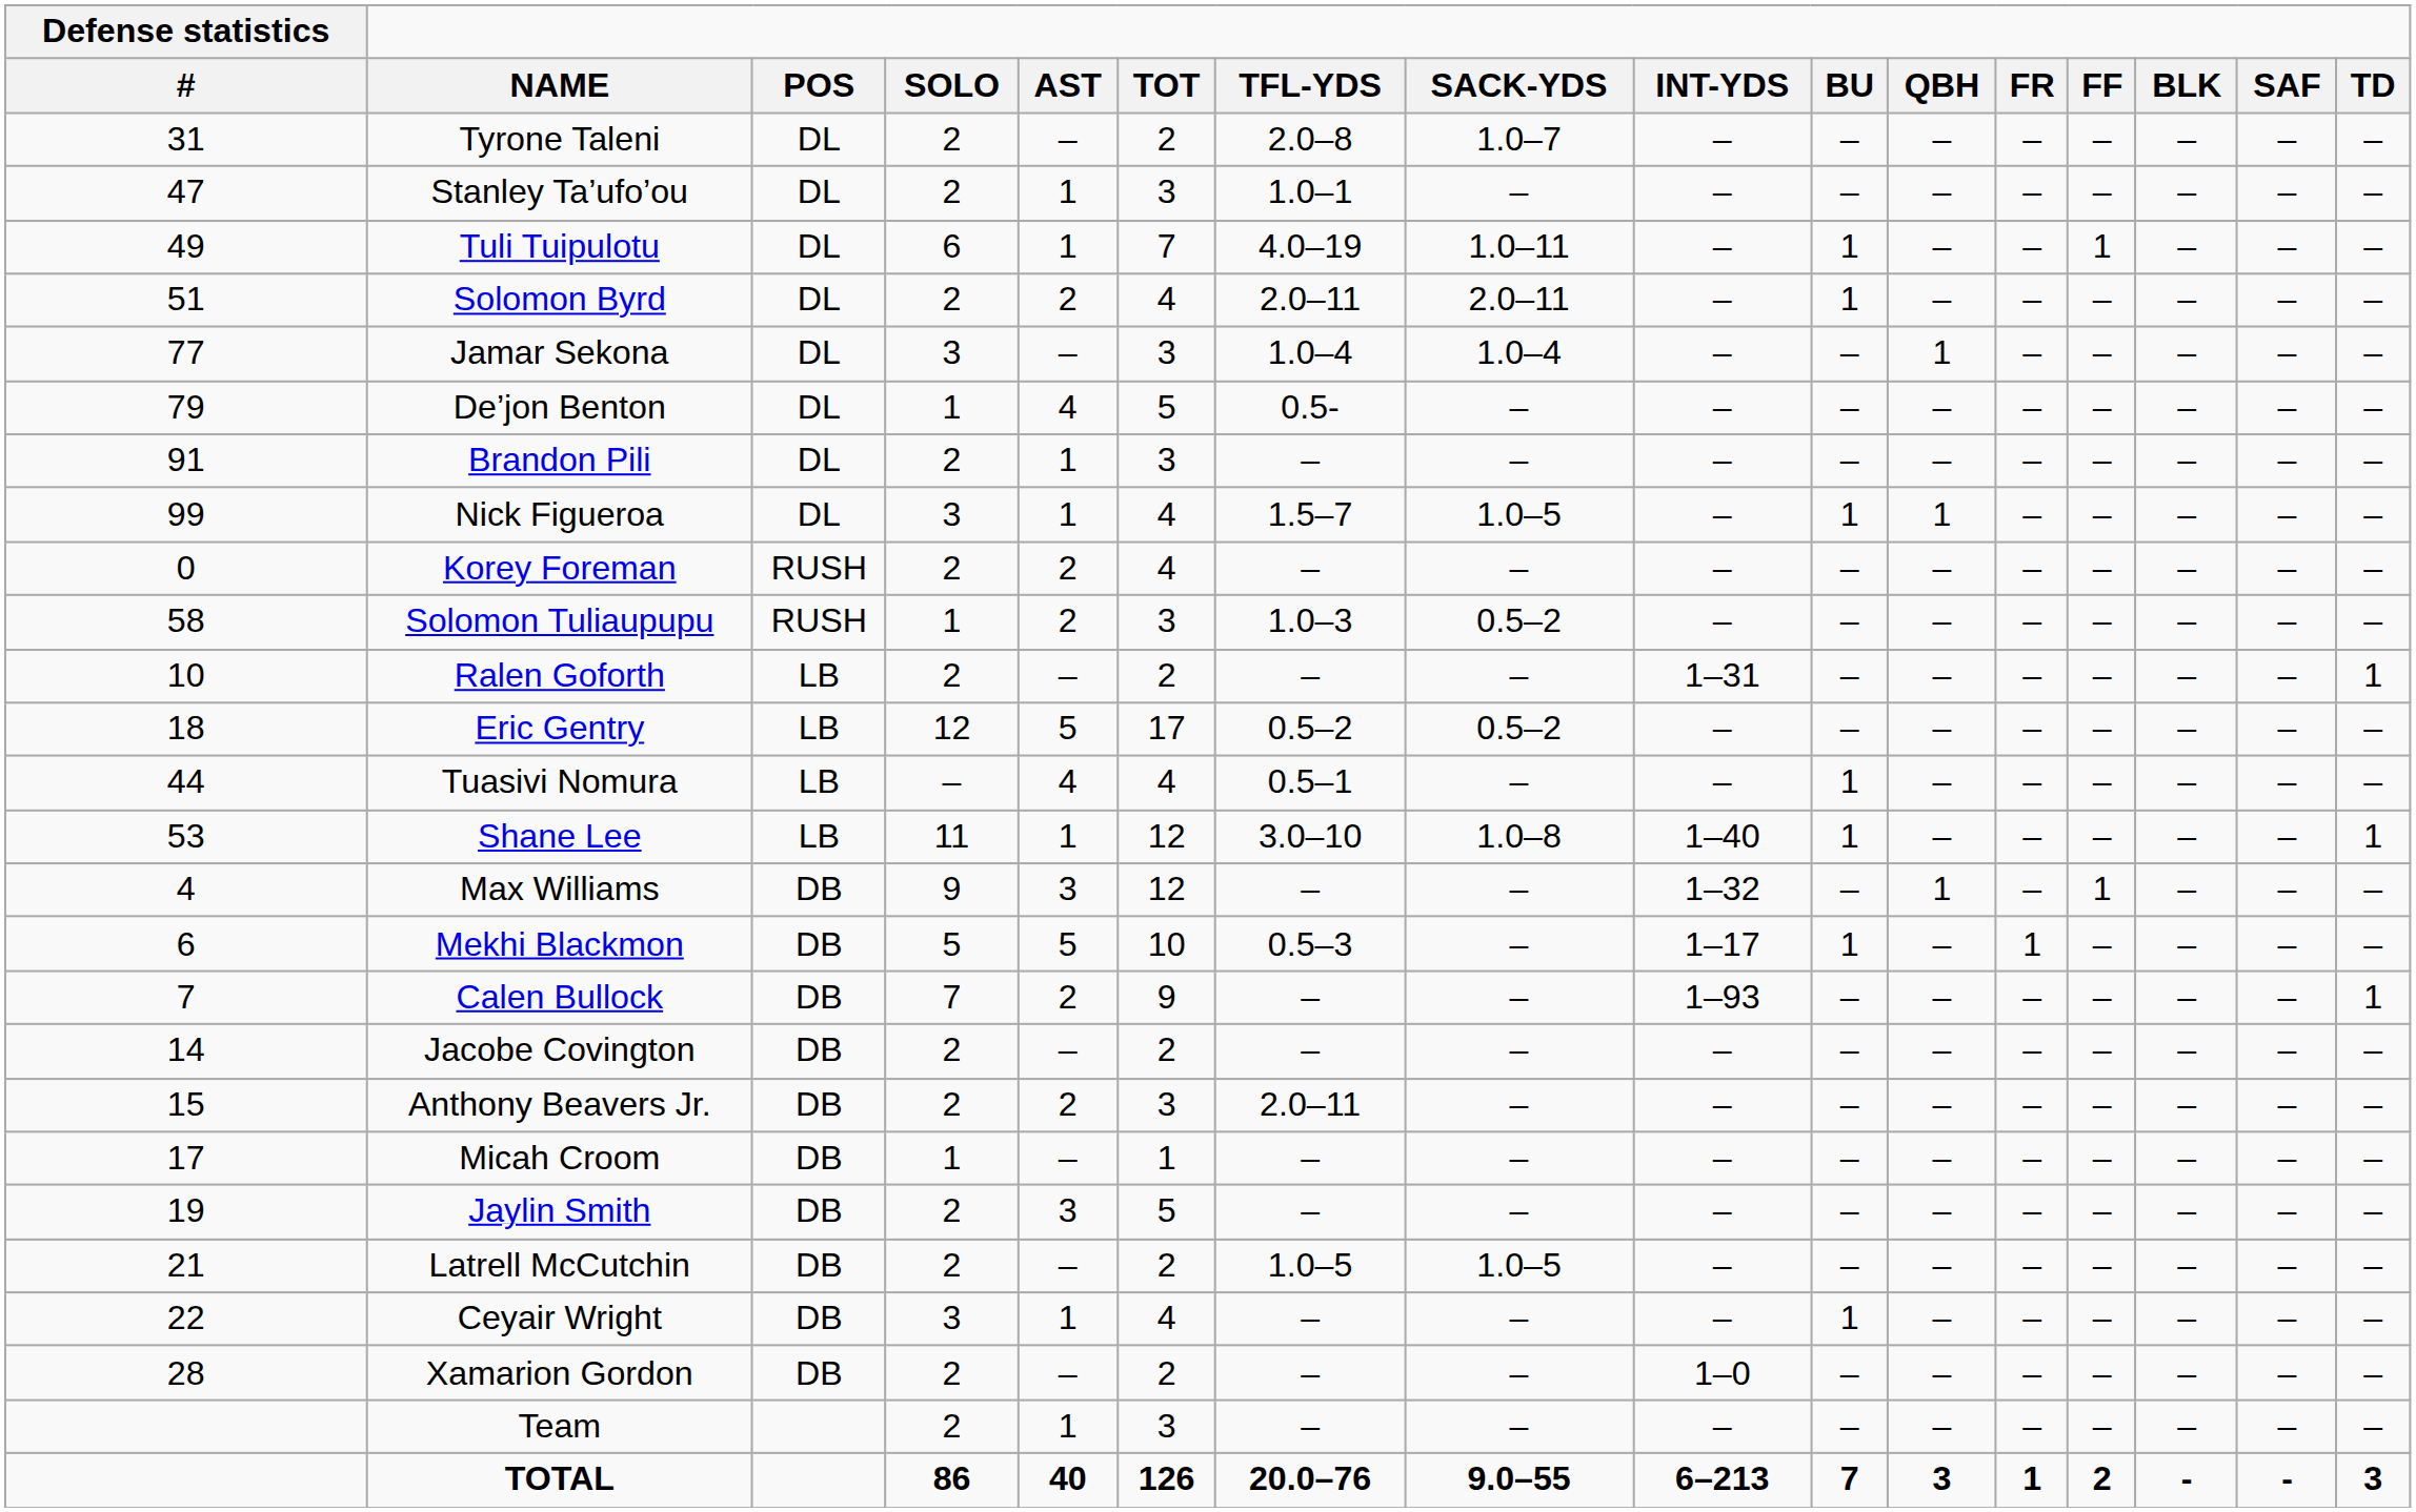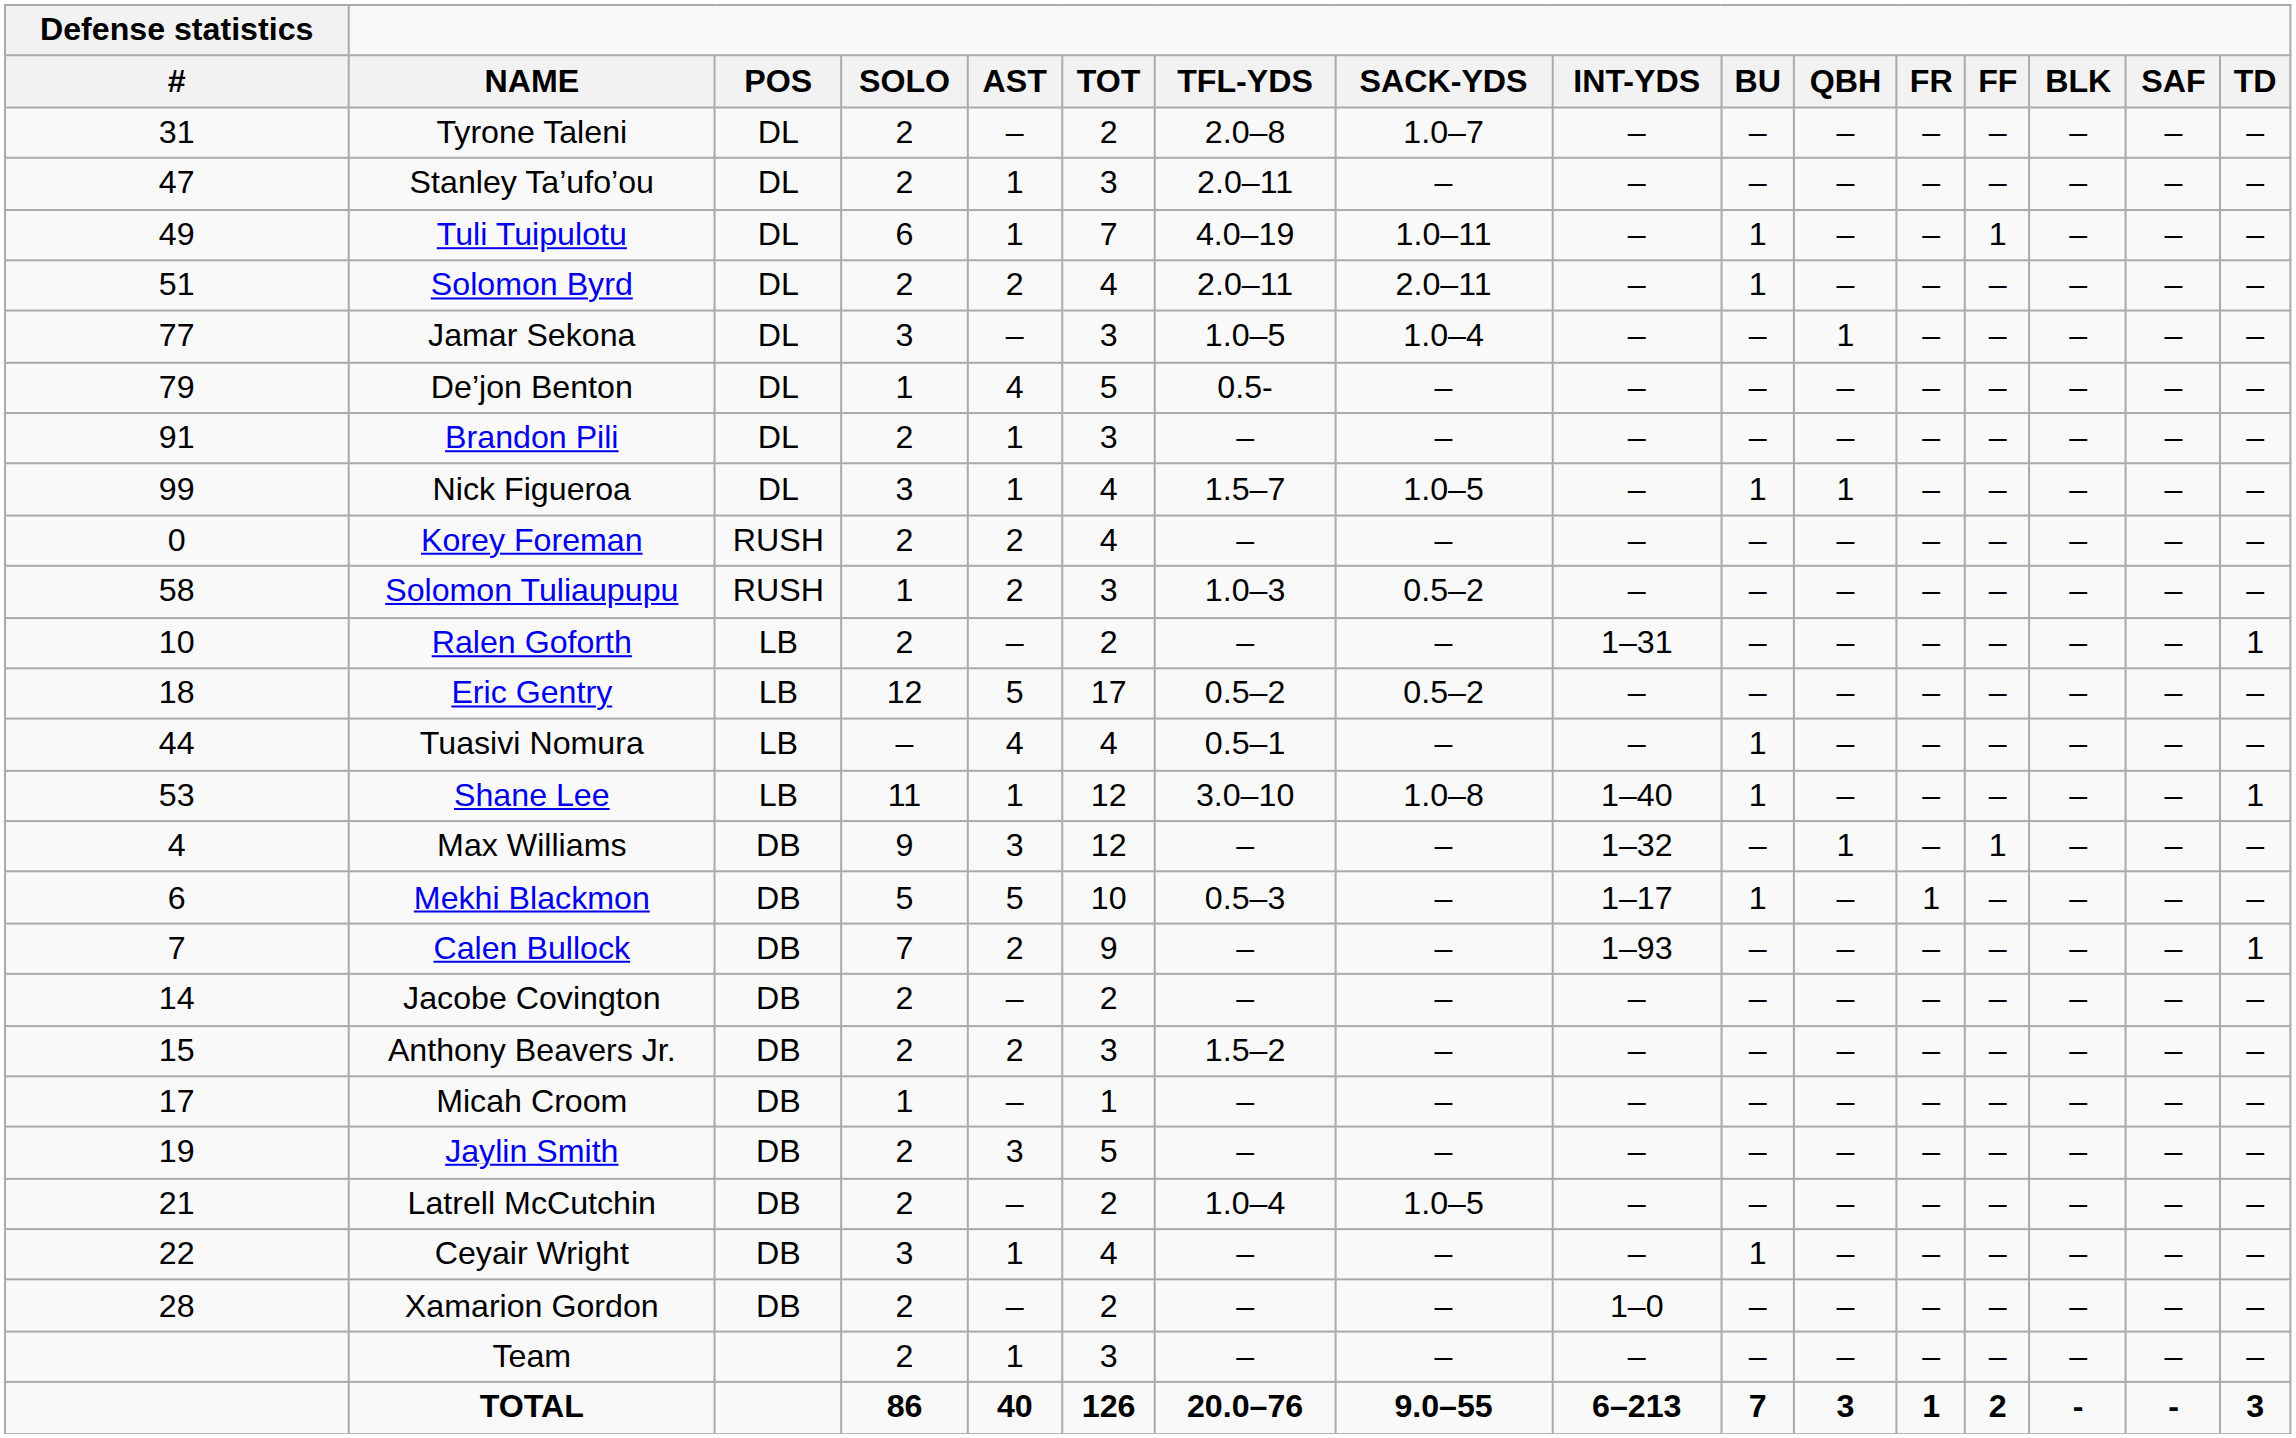 <table style="width:90%; text-align:center;" class="wikitable collapsible collapsed">
 <tr>
 <th style="text-align:center; ">Defense statistics</th>
 </tr>
 <tr>
 <th>#</th>
 <th>NAME</th>
 <th>POS</th>
 <th>SOLO</th>
 <th>AST</th>
 <th>TOT</th>
 <th>TFL-YDS</th>
 <th>SACK-YDS</th>
 <th>INT-YDS</th>
 <th>BU</th>
 <th>QBH</th>
 <th>FR</th>
 <th>FF</th>
 <th>BLK</th>
 <th>SAF</th>
 <th>TD</th>
 </tr>
 <tr>
 <td>31</td>
 <td>Tyrone Taleni</td>
 <td>DL</td>
 <td>2</td>
 <td>–</td>
 <td>2</td>
 <td>2.0–8</td>
 <td>1.0–7</td>
 <td>–</td>
 <td>–</td>
 <td>–</td>
 <td>–</td>
 <td>–</td>
 <td>–</td>
 <td>–</td>
 <td>–</td>
 </tr>
 <tr>
 <td>47</td>
 <td>Stanley Ta’ufo’ou</td>
 <td>DL</td>
 <td>2</td>
 <td>1</td>
 <td>3</td>
-<td>1.0–1</td>
+<td>2.0–11</td>
 <td>–</td>
 <td>–</td>
 <td>–</td>
 <td>–</td>
 <td>–</td>
 <td>–</td>
 <td>–</td>
 <td>–</td>
 <td>–</td>
 </tr>
 <tr>
 <td>49</td>
 <td><a href='#'>Tuli Tuipulotu</a></td>
 <td>DL</td>
 <td>6</td>
 <td>1</td>
 <td>7</td>
 <td>4.0–19</td>
 <td>1.0–11</td>
 <td>–</td>
 <td>1</td>
 <td>–</td>
 <td>–</td>
 <td>1</td>
 <td>–</td>
 <td>–</td>
 <td>–</td>
 </tr>
 <tr>
 <td>51</td>
 <td><a href='#'>Solomon Byrd</a></td>
 <td>DL</td>
 <td>2</td>
 <td>2</td>
 <td>4</td>
 <td>2.0–11</td>
 <td>2.0–11</td>
 <td>–</td>
 <td>1</td>
 <td>–</td>
 <td>–</td>
 <td>–</td>
 <td>–</td>
 <td>–</td>
 <td>–</td>
 </tr>
 <tr>
 <td>77</td>
 <td>Jamar Sekona</td>
 <td>DL</td>
 <td>3</td>
 <td>–</td>
 <td>3</td>
-<td>1.0–4</td>
+<td>1.0–5</td>
 <td>1.0–4</td>
 <td>–</td>
 <td>–</td>
 <td>1</td>
 <td>–</td>
 <td>–</td>
 <td>–</td>
 <td>–</td>
 <td>–</td>
 </tr>
 <tr>
 <td>79</td>
 <td>De’jon Benton</td>
 <td>DL</td>
 <td>1</td>
 <td>4</td>
 <td>5</td>
 <td>0.5-</td>
 <td>–</td>
 <td>–</td>
 <td>–</td>
 <td>–</td>
 <td>–</td>
 <td>–</td>
 <td>–</td>
 <td>–</td>
 <td>–</td>
 </tr>
 <tr>
 <td>91</td>
 <td><a href='#'>Brandon Pili</a></td>
 <td>DL</td>
 <td>2</td>
 <td>1</td>
 <td>3</td>
 <td>–</td>
 <td>–</td>
 <td>–</td>
 <td>–</td>
 <td>–</td>
 <td>–</td>
 <td>–</td>
 <td>–</td>
 <td>–</td>
 <td>–</td>
 </tr>
 <tr>
 <td>99</td>
 <td>Nick Figueroa</td>
 <td>DL</td>
 <td>3</td>
 <td>1</td>
 <td>4</td>
 <td>1.5–7</td>
 <td>1.0–5</td>
 <td>–</td>
 <td>1</td>
 <td>1</td>
 <td>–</td>
 <td>–</td>
 <td>–</td>
 <td>–</td>
 <td>–</td>
 </tr>
 <tr>
 <td>0</td>
 <td><a href='#'>Korey Foreman</a></td>
 <td>RUSH</td>
 <td>2</td>
 <td>2</td>
 <td>4</td>
 <td>–</td>
 <td>–</td>
 <td>–</td>
 <td>–</td>
 <td>–</td>
 <td>–</td>
 <td>–</td>
 <td>–</td>
 <td>–</td>
 <td>–</td>
 </tr>
 <tr>
 <td>58</td>
 <td><a href='#'>Solomon Tuliaupupu</a></td>
 <td>RUSH</td>
 <td>1</td>
 <td>2</td>
 <td>3</td>
 <td>1.0–3</td>
 <td>0.5–2</td>
 <td>–</td>
 <td>–</td>
 <td>–</td>
 <td>–</td>
 <td>–</td>
 <td>–</td>
 <td>–</td>
 <td>–</td>
 </tr>
 <tr>
 <td>10</td>
 <td><a href='#'>Ralen Goforth</a></td>
 <td>LB</td>
 <td>2</td>
 <td>–</td>
 <td>2</td>
 <td>–</td>
 <td>–</td>
 <td>1–31</td>
 <td>–</td>
 <td>–</td>
 <td>–</td>
 <td>–</td>
 <td>–</td>
 <td>–</td>
 <td>1</td>
 </tr>
 <tr>
 <td>18</td>
 <td><a href='#'>Eric Gentry</a></td>
 <td>LB</td>
 <td>12</td>
 <td>5</td>
 <td>17</td>
 <td>0.5–2</td>
 <td>0.5–2</td>
 <td>–</td>
 <td>–</td>
 <td>–</td>
 <td>–</td>
 <td>–</td>
 <td>–</td>
 <td>–</td>
 <td>–</td>
 </tr>
 <tr>
 <td>44</td>
 <td>Tuasivi Nomura</td>
 <td>LB</td>
 <td>–</td>
 <td>4</td>
 <td>4</td>
 <td>0.5–1</td>
 <td>–</td>
 <td>–</td>
 <td>1</td>
 <td>–</td>
 <td>–</td>
 <td>–</td>
 <td>–</td>
 <td>–</td>
 <td>–</td>
 </tr>
 <tr>
 <td>53</td>
 <td><a href='#'>Shane Lee</a></td>
 <td>LB</td>
 <td>11</td>
 <td>1</td>
 <td>12</td>
 <td>3.0–10</td>
 <td>1.0–8</td>
 <td>1–40</td>
 <td>1</td>
 <td>–</td>
 <td>–</td>
 <td>–</td>
 <td>–</td>
 <td>–</td>
 <td>1</td>
 </tr>
 <tr>
 <td>4</td>
 <td>Max Williams</td>
 <td>DB</td>
 <td>9</td>
 <td>3</td>
 <td>12</td>
 <td>–</td>
 <td>–</td>
 <td>1–32</td>
 <td>–</td>
 <td>1</td>
 <td>–</td>
 <td>1</td>
 <td>–</td>
 <td>–</td>
 <td>–</td>
 </tr>
 <tr>
 <td>6</td>
 <td><a href='#'>Mekhi Blackmon</a></td>
 <td>DB</td>
 <td>5</td>
 <td>5</td>
 <td>10</td>
 <td>0.5–3</td>
 <td>–</td>
 <td>1–17</td>
 <td>1</td>
 <td>–</td>
 <td>1</td>
 <td>–</td>
 <td>–</td>
 <td>–</td>
 <td>–</td>
 </tr>
 <tr>
 <td>7</td>
 <td><a href='#'>Calen Bullock</a></td>
 <td>DB</td>
 <td>7</td>
 <td>2</td>
 <td>9</td>
 <td>–</td>
 <td>–</td>
 <td>1–93</td>
 <td>–</td>
 <td>–</td>
 <td>–</td>
 <td>–</td>
 <td>–</td>
 <td>–</td>
 <td>1</td>
 </tr>
 <tr>
 <td>14</td>
 <td>Jacobe Covington</td>
 <td>DB</td>
 <td>2</td>
 <td>–</td>
 <td>2</td>
 <td>–</td>
 <td>–</td>
 <td>–</td>
 <td>–</td>
 <td>–</td>
 <td>–</td>
 <td>–</td>
 <td>–</td>
 <td>–</td>
 <td>–</td>
 </tr>
 <tr>
 <td>15</td>
 <td>Anthony Beavers Jr.</td>
 <td>DB</td>
 <td>2</td>
 <td>2</td>
 <td>3</td>
-<td>2.0–11</td>
+<td>1.5–2</td>
 <td>–</td>
 <td>–</td>
 <td>–</td>
 <td>–</td>
 <td>–</td>
 <td>–</td>
 <td>–</td>
 <td>–</td>
 <td>–</td>
 </tr>
 <tr>
 <td>17</td>
 <td>Micah Croom</td>
 <td>DB</td>
 <td>1</td>
 <td>–</td>
 <td>1</td>
 <td>–</td>
 <td>–</td>
 <td>–</td>
 <td>–</td>
 <td>–</td>
 <td>–</td>
 <td>–</td>
 <td>–</td>
 <td>–</td>
 <td>–</td>
 </tr>
 <tr>
 <td>19</td>
 <td><a href='#'>Jaylin Smith</a></td>
 <td>DB</td>
 <td>2</td>
 <td>3</td>
 <td>5</td>
 <td>–</td>
 <td>–</td>
 <td>–</td>
 <td>–</td>
 <td>–</td>
 <td>–</td>
 <td>–</td>
 <td>–</td>
 <td>–</td>
 <td>–</td>
 </tr>
 <tr>
 <td>21</td>
 <td>Latrell McCutchin</td>
 <td>DB</td>
 <td>2</td>
 <td>–</td>
 <td>2</td>
-<td>1.0–5</td>
+<td>1.0–4</td>
 <td>1.0–5</td>
 <td>–</td>
 <td>–</td>
 <td>–</td>
 <td>–</td>
 <td>–</td>
 <td>–</td>
 <td>–</td>
 <td>–</td>
 </tr>
 <tr>
 <td>22</td>
 <td>Ceyair Wright</td>
 <td>DB</td>
 <td>3</td>
 <td>1</td>
 <td>4</td>
 <td>–</td>
 <td>–</td>
 <td>–</td>
 <td>1</td>
 <td>–</td>
 <td>–</td>
 <td>–</td>
 <td>–</td>
 <td>–</td>
 <td>–</td>
 </tr>
 <tr>
 <td>28</td>
 <td>Xamarion Gordon</td>
 <td>DB</td>
 <td>2</td>
 <td>–</td>
 <td>2</td>
 <td>–</td>
 <td>–</td>
 <td>1–0</td>
 <td>–</td>
 <td>–</td>
 <td>–</td>
 <td>–</td>
 <td>–</td>
 <td>–</td>
 <td>–</td>
 </tr>
 <tr>
 <td></td>
 <td>Team</td>
 <td></td>
 <td>2</td>
 <td>1</td>
 <td>3</td>
 <td>–</td>
 <td>–</td>
 <td>–</td>
 <td>–</td>
 <td>–</td>
 <td>–</td>
 <td>–</td>
 <td>–</td>
 <td>–</td>
 <td>–</td>
 </tr>
 <tr>
 <td></td>
 <td><strong>TOTAL</strong></td>
 <td></td>
 <td><strong>86</strong></td>
 <td><strong>40</strong></td>
 <td><strong>126</strong></td>
 <td><strong>20.0–76</strong></td>
 <td><strong>9.0–55</strong></td>
 <td><strong>6–213</strong></td>
 <td><strong>7</strong></td>
 <td><strong>3</strong></td>
 <td><strong>1</strong></td>
 <td><strong>2</strong></td>
 <td><strong>-</strong></td>
 <td><strong>-</strong></td>
 <td><strong>3</strong></td>
 </tr>
 </table>
